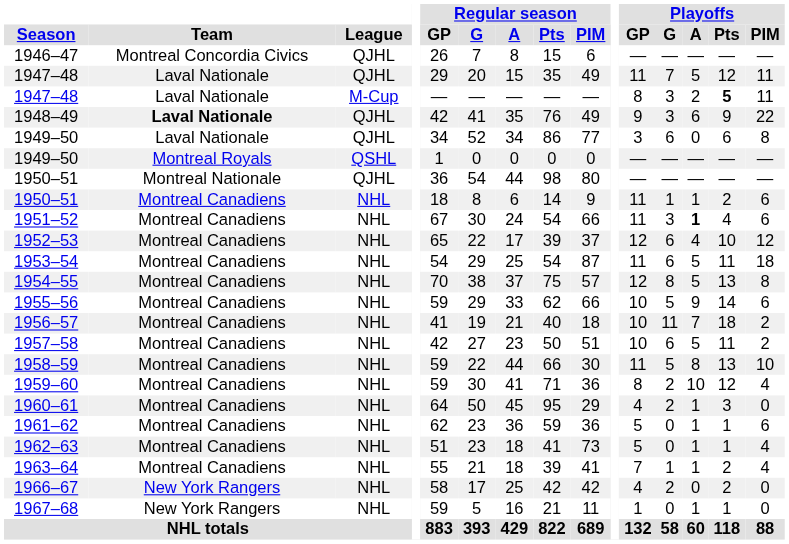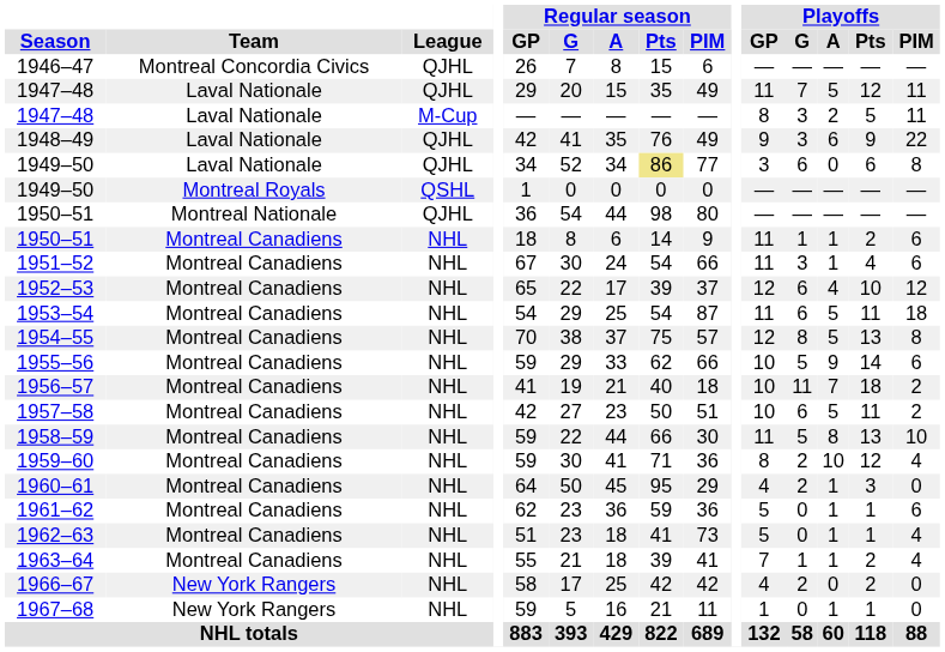 <table border="0" cellpadding="1" cellspacing="0" style="text-align:center; width:60%">
 <tr bgcolor="#e0e0e0">
 <th colspan="3" bgcolor="#ffffff"> </th>
 <th rowspan="99" bgcolor="#ffffff"> </th>
 <th colspan="5"><a href='#'>Regular season</a></th>
 <th rowspan="99" bgcolor="#ffffff"> </th>
 <th colspan="5"><a href='#'>Playoffs</a></th>
 </tr>
 <tr bgcolor="#e0e0e0">
 <th><a href='#'>Season</a></th>
 <th>Team</th>
 <th>League</th>
 <th>GP</th>
 <th><a href='#'>G</a></th>
 <th><a href='#'>A</a></th>
 <th><a href='#'>Pts</a></th>
 <th><a href='#'>PIM</a></th>
 <th>GP</th>
 <th>G</th>
 <th>A</th>
 <th>Pts</th>
 <th>PIM</th>
 </tr>
 <tr>
 <td>1946–47</td>
 <td>Montreal Concordia Civics</td>
 <td>QJHL</td>
 <td>26</td>
 <td>7</td>
 <td>8</td>
 <td>15</td>
 <td>6</td>
 <td>—</td>
 <td>—</td>
 <td>—</td>
 <td>—</td>
 <td>—</td>
 </tr>
 <tr bgcolor="#f0f0f0">
 <td>1947–48</td>
 <td>Laval Nationale</td>
 <td>QJHL</td>
 <td>29</td>
 <td>20</td>
 <td>15</td>
 <td>35</td>
 <td>49</td>
 <td>11</td>
 <td>7</td>
 <td>5</td>
 <td>12</td>
 <td>11</td>
 </tr>
 <tr>
 <td><a href='#'>1947–48</a></td>
 <td>Laval Nationale</td>
 <td><a href='#'>M-Cup</a></td>
 <td>—</td>
 <td>—</td>
 <td>—</td>
 <td>—</td>
 <td>—</td>
 <td>8</td>
 <td>3</td>
 <td>2</td>
-<td><strong>5</strong></td>
+<td>5</td>
 <td>11</td>
 </tr>
 <tr bgcolor="#f0f0f0">
 <td>1948–49</td>
-<td><strong>Laval Nationale</strong></td>
+<td>Laval Nationale</td>
 <td>QJHL</td>
 <td>42</td>
 <td>41</td>
 <td>35</td>
 <td>76</td>
 <td>49</td>
 <td>9</td>
 <td>3</td>
 <td>6</td>
 <td>9</td>
 <td>22</td>
 </tr>
 <tr>
 <td>1949–50</td>
 <td>Laval Nationale</td>
 <td>QJHL</td>
 <td>34</td>
 <td>52</td>
 <td>34</td>
-<td>86</td>
+<td style="background: khaki;">86</td>
 <td>77</td>
 <td>3</td>
 <td>6</td>
 <td>0</td>
 <td>6</td>
 <td>8</td>
 </tr>
 <tr bgcolor="#f0f0f0">
 <td>1949–50</td>
 <td><a href='#'>Montreal Royals</a></td>
 <td><a href='#'>QSHL</a></td>
 <td>1</td>
 <td>0</td>
 <td>0</td>
 <td>0</td>
 <td>0</td>
 <td>—</td>
 <td>—</td>
 <td>—</td>
 <td>—</td>
 <td>—</td>
 </tr>
 <tr>
 <td>1950–51</td>
 <td>Montreal Nationale</td>
 <td>QJHL</td>
 <td>36</td>
 <td>54</td>
 <td>44</td>
 <td>98</td>
 <td>80</td>
 <td>—</td>
 <td>—</td>
 <td>—</td>
 <td>—</td>
 <td>—</td>
 </tr>
 <tr bgcolor="#f0f0f0">
 <td><a href='#'>1950–51</a></td>
 <td><a href='#'>Montreal Canadiens</a></td>
 <td><a href='#'>NHL</a></td>
 <td>18</td>
 <td>8</td>
 <td>6</td>
 <td>14</td>
 <td>9</td>
 <td>11</td>
 <td>1</td>
 <td>1</td>
 <td>2</td>
 <td>6</td>
 </tr>
 <tr>
 <td><a href='#'>1951–52</a></td>
 <td>Montreal Canadiens</td>
 <td>NHL</td>
 <td>67</td>
 <td>30</td>
 <td>24</td>
 <td>54</td>
 <td>66</td>
 <td>11</td>
 <td>3</td>
-<td><strong>1</strong></td>
+<td>1</td>
 <td>4</td>
 <td>6</td>
 </tr>
 <tr bgcolor="#f0f0f0">
 <td><a href='#'>1952–53</a></td>
 <td>Montreal Canadiens</td>
 <td>NHL</td>
 <td>65</td>
 <td>22</td>
 <td>17</td>
 <td>39</td>
 <td>37</td>
 <td>12</td>
 <td>6</td>
 <td>4</td>
 <td>10</td>
 <td>12</td>
 </tr>
 <tr>
 <td><a href='#'>1953–54</a></td>
 <td>Montreal Canadiens</td>
 <td>NHL</td>
 <td>54</td>
 <td>29</td>
 <td>25</td>
 <td>54</td>
 <td>87</td>
 <td>11</td>
 <td>6</td>
 <td>5</td>
 <td>11</td>
 <td>18</td>
 </tr>
 <tr bgcolor="#f0f0f0">
 <td><a href='#'>1954–55</a></td>
 <td>Montreal Canadiens</td>
 <td>NHL</td>
 <td>70</td>
 <td>38</td>
 <td>37</td>
 <td>75</td>
 <td>57</td>
 <td>12</td>
 <td>8</td>
 <td>5</td>
 <td>13</td>
 <td>8</td>
 </tr>
 <tr>
 <td><a href='#'>1955–56</a></td>
 <td>Montreal Canadiens</td>
 <td>NHL</td>
 <td>59</td>
 <td>29</td>
 <td>33</td>
 <td>62</td>
 <td>66</td>
 <td>10</td>
 <td>5</td>
 <td>9</td>
 <td>14</td>
 <td>6</td>
 </tr>
 <tr bgcolor="#f0f0f0">
 <td><a href='#'>1956–57</a></td>
 <td>Montreal Canadiens</td>
 <td>NHL</td>
 <td>41</td>
 <td>19</td>
 <td>21</td>
 <td>40</td>
 <td>18</td>
 <td>10</td>
 <td>11</td>
 <td>7</td>
 <td>18</td>
 <td>2</td>
 </tr>
 <tr>
 <td><a href='#'>1957–58</a></td>
 <td>Montreal Canadiens</td>
 <td>NHL</td>
 <td>42</td>
 <td>27</td>
 <td>23</td>
 <td>50</td>
 <td>51</td>
 <td>10</td>
 <td>6</td>
 <td>5</td>
 <td>11</td>
 <td>2</td>
 </tr>
 <tr bgcolor="#f0f0f0">
 <td><a href='#'>1958–59</a></td>
 <td>Montreal Canadiens</td>
 <td>NHL</td>
 <td>59</td>
 <td>22</td>
 <td>44</td>
 <td>66</td>
 <td>30</td>
 <td>11</td>
 <td>5</td>
 <td>8</td>
 <td>13</td>
 <td>10</td>
 </tr>
 <tr>
 <td><a href='#'>1959–60</a></td>
 <td>Montreal Canadiens</td>
 <td>NHL</td>
 <td>59</td>
 <td>30</td>
 <td>41</td>
 <td>71</td>
 <td>36</td>
 <td>8</td>
 <td>2</td>
 <td>10</td>
 <td>12</td>
 <td>4</td>
 </tr>
 <tr bgcolor="#f0f0f0">
 <td><a href='#'>1960–61</a></td>
 <td>Montreal Canadiens</td>
 <td>NHL</td>
 <td>64</td>
 <td>50</td>
 <td>45</td>
 <td>95</td>
 <td>29</td>
 <td>4</td>
 <td>2</td>
 <td>1</td>
 <td>3</td>
 <td>0</td>
 </tr>
 <tr>
 <td><a href='#'>1961–62</a></td>
 <td>Montreal Canadiens</td>
 <td>NHL</td>
 <td>62</td>
 <td>23</td>
 <td>36</td>
 <td>59</td>
 <td>36</td>
 <td>5</td>
 <td>0</td>
 <td>1</td>
 <td>1</td>
 <td>6</td>
 </tr>
 <tr bgcolor="#f0f0f0">
 <td><a href='#'>1962–63</a></td>
 <td>Montreal Canadiens</td>
 <td>NHL</td>
 <td>51</td>
 <td>23</td>
 <td>18</td>
 <td>41</td>
 <td>73</td>
 <td>5</td>
 <td>0</td>
 <td>1</td>
 <td>1</td>
 <td>4</td>
 </tr>
 <tr>
 <td><a href='#'>1963–64</a></td>
 <td>Montreal Canadiens</td>
 <td>NHL</td>
 <td>55</td>
 <td>21</td>
 <td>18</td>
 <td>39</td>
 <td>41</td>
 <td>7</td>
 <td>1</td>
 <td>1</td>
 <td>2</td>
 <td>4</td>
 </tr>
 <tr bgcolor="#f0f0f0">
 <td><a href='#'>1966–67</a></td>
 <td><a href='#'>New York Rangers</a></td>
 <td>NHL</td>
 <td>58</td>
 <td>17</td>
 <td>25</td>
 <td>42</td>
 <td>42</td>
 <td>4</td>
 <td>2</td>
 <td>0</td>
 <td>2</td>
 <td>0</td>
 </tr>
 <tr>
 <td><a href='#'>1967–68</a></td>
 <td>New York Rangers</td>
 <td>NHL</td>
 <td>59</td>
 <td>5</td>
 <td>16</td>
 <td>21</td>
 <td>11</td>
 <td>1</td>
 <td>0</td>
 <td>1</td>
 <td>1</td>
 <td>0</td>
 </tr>
 <tr bgcolor="#e0e0e0">
 <th colspan="3">NHL totals</th>
 <th>883</th>
 <th>393</th>
 <th>429</th>
 <th>822</th>
 <th>689</th>
 <th>132</th>
 <th>58</th>
 <th>60</th>
 <th>118</th>
 <th>88</th>
 </tr>
 </table>
